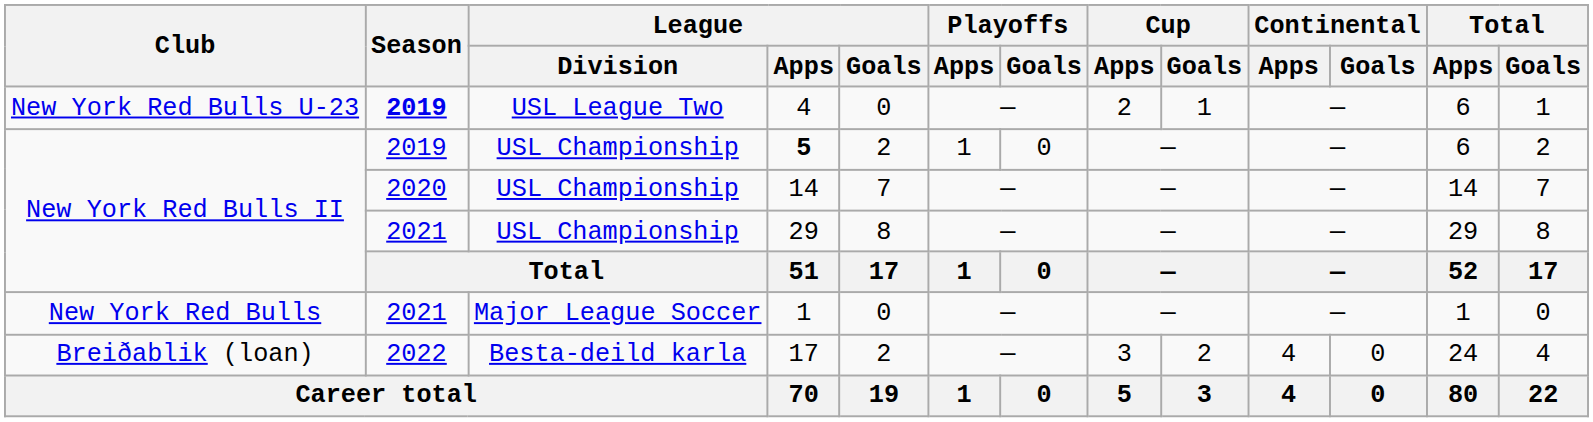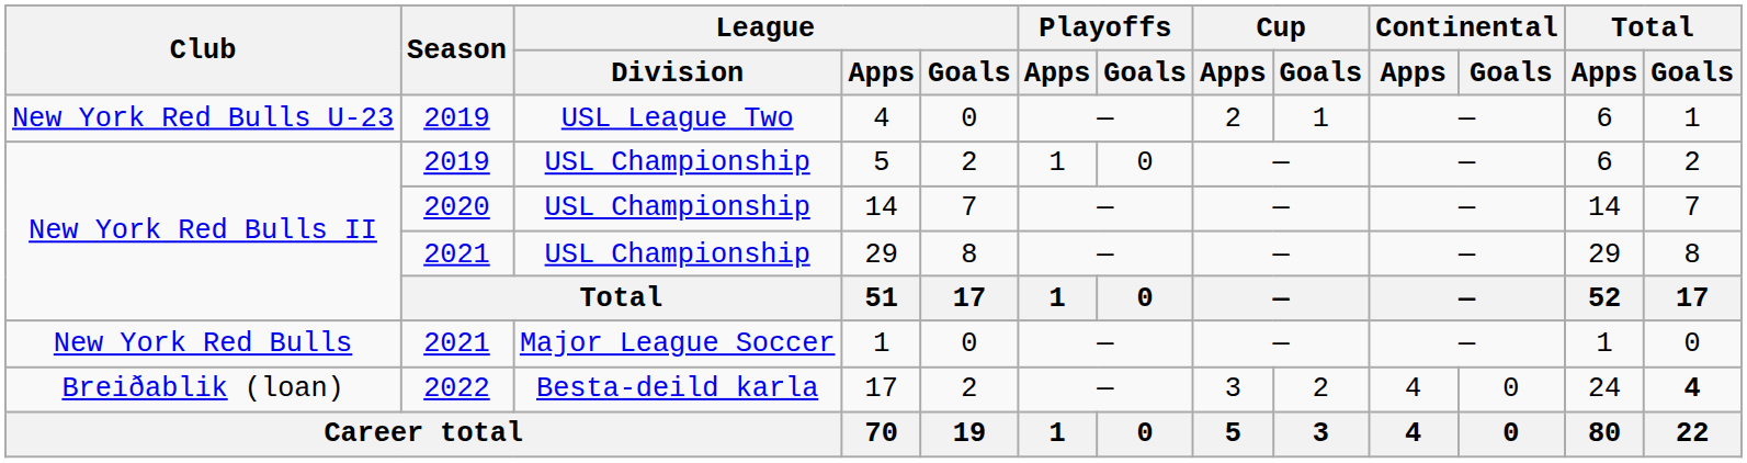 <table class=wikitable style=text-align:center>
 <tr>
 <th rowspan=2>Club</th>
 <th rowspan=2>Season</th>
 <th colspan=3>League</th>
 <th colspan=2>Playoffs</th>
 <th colspan=2>Cup</th>
 <th colspan=2>Continental</th>
 <th colspan=2>Total</th>
 </tr>
 <tr>
 <th>Division</th>
 <th>Apps</th>
 <th>Goals</th>
 <th>Apps</th>
 <th>Goals</th>
 <th>Apps</th>
 <th>Goals</th>
 <th>Apps</th>
 <th>Goals</th>
 <th>Apps</th>
 <th>Goals</th>
 </tr>
 <tr>
 <td rowspan=1><a href='#'>New York Red Bulls U-23</a></td>
-<td><strong><a href='#'>2019</a></strong></td>
+<td><a href='#'>2019</a></td>
 <td><a href='#'>USL League Two</a></td>
 <td>4</td>
 <td>0</td>
 <td colspan=2>—</td>
 <td>2</td>
 <td>1</td>
 <td colspan=2>—</td>
 <td>6</td>
 <td>1</td>
 </tr>
 <tr>
 <td rowspan=4><a href='#'>New York Red Bulls II</a></td>
 <td><a href='#'>2019</a></td>
 <td><a href='#'>USL Championship</a></td>
-<td><strong>5</strong></td>
+<td>5</td>
 <td>2</td>
 <td>1</td>
 <td>0</td>
 <td colspan=2>—</td>
 <td colspan=2>—</td>
 <td>6</td>
 <td>2</td>
 </tr>
 <tr>
 <td><a href='#'>2020</a></td>
 <td><a href='#'>USL Championship</a></td>
 <td>14</td>
 <td>7</td>
 <td colspan=2>—</td>
 <td colspan=2>—</td>
 <td colspan=2>—</td>
 <td>14</td>
 <td>7</td>
 </tr>
 <tr>
 <td><a href='#'>2021</a></td>
 <td><a href='#'>USL Championship</a></td>
 <td>29</td>
 <td>8</td>
 <td colspan=2>—</td>
 <td colspan=2>—</td>
 <td colspan=2>—</td>
 <td>29</td>
 <td>8</td>
 </tr>
 <tr>
 <th colspan=2>Total</th>
 <th>51</th>
 <th>17</th>
 <th>1</th>
 <th>0</th>
 <th colspan=2>—</th>
 <th colspan=2>—</th>
 <th>52</th>
 <th>17</th>
 </tr>
 <tr>
 <td><a href='#'>New York Red Bulls</a></td>
 <td><a href='#'>2021</a></td>
 <td><a href='#'>Major League Soccer</a></td>
 <td>1</td>
 <td>0</td>
 <td colspan=2>—</td>
 <td colspan=2>—</td>
 <td colspan=2>—</td>
 <td>1</td>
 <td>0</td>
 </tr>
 <tr>
 <td><a href='#'>Breiðablik</a> (loan)</td>
 <td><a href='#'>2022</a></td>
 <td><a href='#'>Besta-deild karla</a></td>
 <td>17</td>
 <td>2</td>
 <td colspan=2>—</td>
 <td>3</td>
 <td>2</td>
 <td>4</td>
 <td>0</td>
 <td>24</td>
-<td>4</td>
+<td><strong>4</strong></td>
 </tr>
 <tr>
 <th colspan=3>Career total</th>
 <th>70</th>
 <th>19</th>
 <th>1</th>
 <th>0</th>
 <th>5</th>
 <th>3</th>
 <th>4</th>
 <th>0</th>
 <th>80</th>
 <th>22</th>
 </tr>
 </table>
